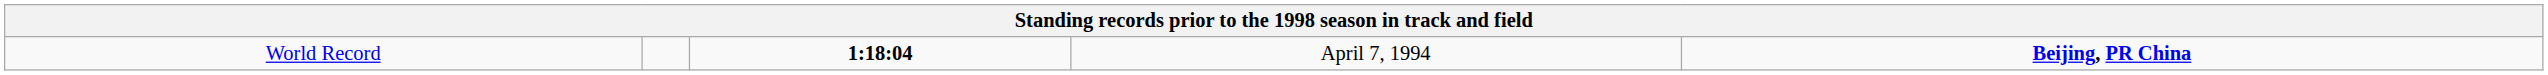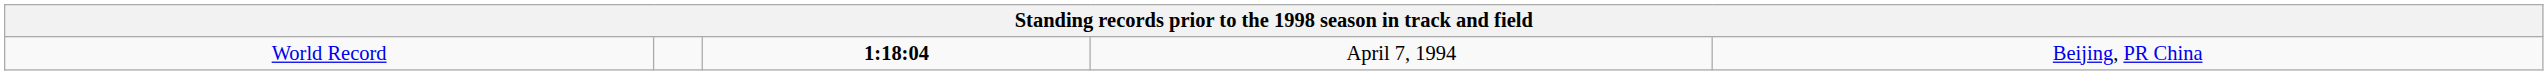 <table class="wikitable" style="text-align:center; width:100%">
 <tr>
 <th colspan="5">Standing records prior to the 1998 season in track and field</th>
 </tr>
 <tr>
 <td><a href='#'>World Record</a></td>
 <td></td>
 <td><strong>1:18:04</strong></td>
 <td>April 7, 1994</td>
-<td><strong> <a href='#'>Beijing</a>, <a href='#'>PR China</a></strong></td>
+<td> <a href='#'>Beijing</a>, <a href='#'>PR China</a></td>
 </tr>
 </table>
